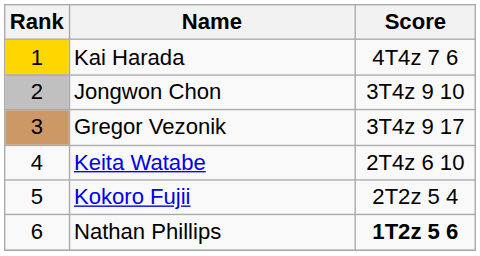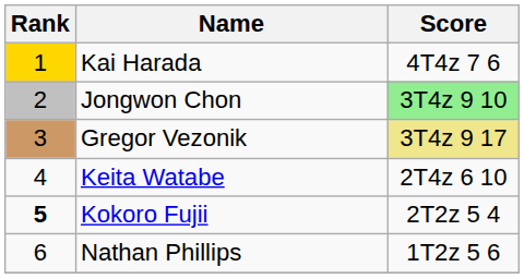 <table class="wikitable">
 <tr>
 <th>Rank</th>
 <th width = "200">Name</th>
 <th width = "80">Score</th>
 </tr>
 <tr>
 <td align="center" style="background: gold">1</td>
 <td> Kai Harada</td>
 <td align="center">4T4z 7 6</td>
 </tr>
 <tr>
 <td align="center" style="background: silver">2</td>
 <td> Jongwon Chon</td>
-<td align="center">3T4z 9 10</td>
+<td align="center" style="background: lightgreen;">3T4z 9 10</td>
 </tr>
 <tr>
 <td align="center" style="background: #cc9966">3</td>
 <td> Gregor Vezonik</td>
-<td align="center">3T4z 9 17</td>
+<td align="center" style="background: khaki;">3T4z 9 17</td>
 </tr>
 <tr>
 <td align="center">4</td>
 <td> <a href='#'>Keita Watabe</a></td>
 <td align="center">2T4z 6 10</td>
 </tr>
 <tr>
-<td align="center">5</td>
+<td align="center"><strong>5</strong></td>
 <td> <a href='#'>Kokoro Fujii</a></td>
 <td align="center">2T2z 5 4</td>
 </tr>
 <tr>
 <td align="center">6</td>
 <td> Nathan Phillips</td>
-<td align="center"><strong>1T2z 5 6</strong></td>
+<td align="center">1T2z 5 6</td>
 </tr>
 <tr>
 </tr>
 </table>
